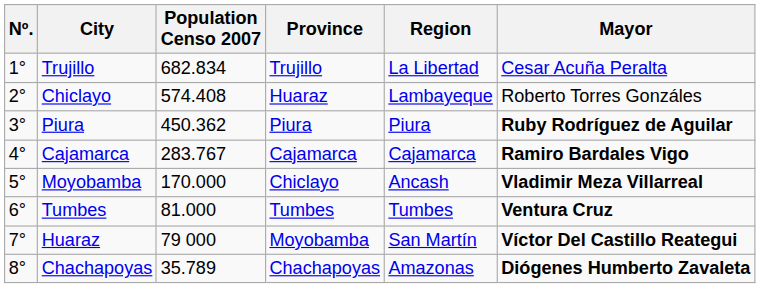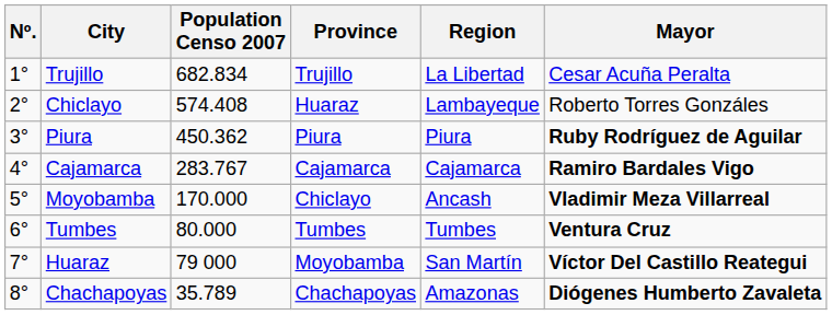 <table class="wikitable sortable">
 <tr ---->
 <th>Nº.</th>
 <th>City</th>
 <th>Population<br>Censo 2007</th>
 <th>Province</th>
 <th>Region</th>
 <th>Mayor</th>
 </tr>
 <tr ---->
 <td>1°</td>
 <td><a href='#'>Trujillo</a></td>
 <td>682.834</td>
 <td><a href='#'>Trujillo</a></td>
 <td><a href='#'>La Libertad</a></td>
 <td><a href='#'>Cesar Acuña Peralta</a></td>
 </tr>
 <tr ---->
 <td>2°</td>
 <td><a href='#'>Chiclayo</a></td>
 <td>574.408</td>
 <td><a href='#'>Huaraz</a></td>
 <td><a href='#'>Lambayeque</a></td>
 <td>Roberto Torres Gonzáles</td>
 </tr>
 <tr ---->
 <td>3°</td>
 <td><a href='#'>Piura</a></td>
 <td>450.362</td>
 <td><a href='#'>Piura</a></td>
 <td><a href='#'>Piura</a></td>
 <td><strong>Ruby Rodríguez de Aguilar</strong></td>
 </tr>
 <tr ---->
 <td>4°</td>
 <td><a href='#'>Cajamarca</a></td>
 <td>283.767</td>
 <td><a href='#'>Cajamarca</a></td>
 <td><a href='#'>Cajamarca</a></td>
 <td><strong>Ramiro Bardales Vigo</strong></td>
 </tr>
 <tr ---->
 <td>5°</td>
 <td><a href='#'>Moyobamba</a></td>
 <td>170.000</td>
 <td><a href='#'>Chiclayo</a></td>
 <td><a href='#'>Ancash</a></td>
 <td><strong>Vladimir Meza Villarreal</strong></td>
 </tr>
 <tr ---->
 <td>6°</td>
 <td><a href='#'>Tumbes</a></td>
-<td>81.000</td>
+<td>80.000</td>
 <td><a href='#'>Tumbes</a></td>
 <td><a href='#'>Tumbes</a></td>
 <td><strong>Ventura Cruz</strong></td>
 </tr>
 <tr ---->
 <td>7°</td>
 <td><a href='#'>Huaraz</a></td>
 <td>79 000</td>
 <td><a href='#'>Moyobamba</a></td>
 <td><a href='#'>San Martín</a></td>
 <td><strong>Víctor Del Castillo Reategui</strong></td>
 </tr>
 <tr ---->
 <td>8°</td>
 <td><a href='#'>Chachapoyas</a></td>
 <td>35.789</td>
 <td><a href='#'>Chachapoyas</a></td>
 <td><a href='#'>Amazonas</a></td>
 <td><strong>Diógenes Humberto Zavaleta</strong></td>
 </tr>
 </table>
